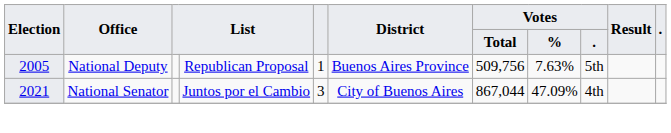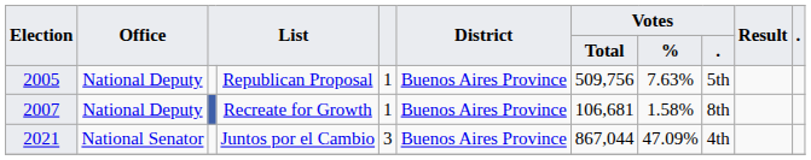 <table class="wikitable" style="font-size:90%; text-align:center;">
 <tr>
 <th style="background-color:#EAECF0;" rowspan=2>Election</th>
 <th style="background-color:#EAECF0;" rowspan=2>Office</th>
 <th style="background-color:#EAECF0;" colspan=2 rowspan=2>List</th>
 <th style="background-color:#EAECF0;" rowspan=2></th>
 <th style="background-color:#EAECF0;" rowspan=2>District</th>
 <th style="background-color:#EAECF0;" colspan=3>Votes</th>
 <th style="background-color:#EAECF0;" rowspan=2>Result</th>
 <th style="background-color:#EAECF0;" rowspan=2>.</th>
 </tr>
 <tr>
 <th style="background-color:#EAECF0;">Total</th>
 <th style="background-color:#EAECF0;">%</th>
 <th style="background-color:#EAECF0;">.</th>
 </tr>
 <tr>
 <td style="background-color:#EAECF0;"><a href='#'>2005</a></td>
 <td><a href='#'>National Deputy</a></td>
 <td style="background-color:"></td>
 <td><a href='#'>Republican Proposal</a></td>
 <td>1</td>
 <td><a href='#'>Buenos Aires Province</a></td>
 <td>509,756</td>
 <td>7.63%</td>
 <td>5th</td>
 <td></td>
 <td></td>
 </tr>
 <tr>
+<td style="background-color:#EAECF0;"><a href='#'>2007</a></td>
+<td><a href='#'>National Deputy</a></td>
+<td style="background-color:#3E5FA9;"></td>
+<td><a href='#'>Recreate for Growth</a></td>
+<td>1</td>
+<td><a href='#'>Buenos Aires Province</a></td>
+<td>106,681</td>
+<td>1.58%</td>
+<td>8th</td>
+<td></td>
+<td></td>
+</tr>
+<tr>
 <td style="background-color:#EAECF0;"><a href='#'>2021</a></td>
 <td><a href='#'>National Senator</a></td>
 <td style="background-color:"></td>
 <td><a href='#'>Juntos por el Cambio</a></td>
 <td>3</td>
-<td><a href='#'>City of Buenos Aires</a></td>
+<td><a href='#'>Buenos Aires Province</a></td>
 <td>867,044</td>
 <td>47.09%</td>
 <td>4th</td>
 <td></td>
 <td></td>
 </tr>
 <tr>
 </tr>
 </table>
